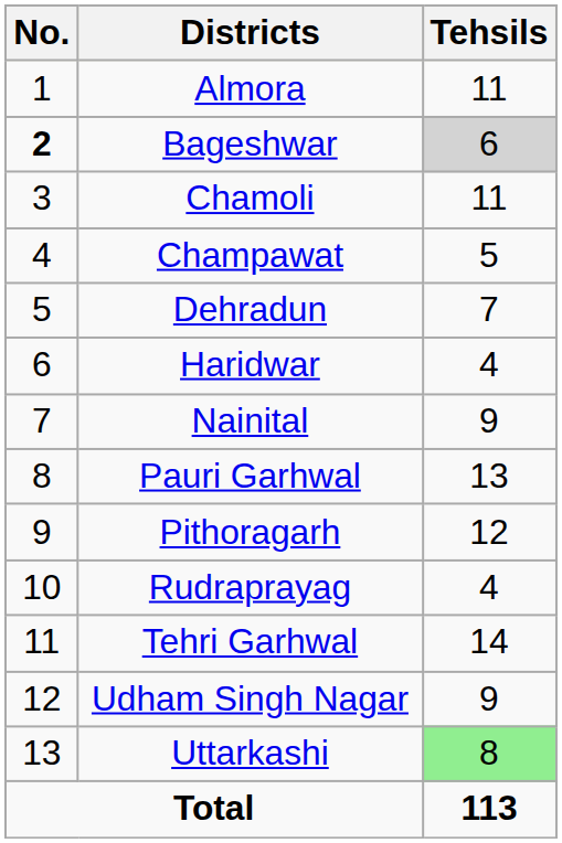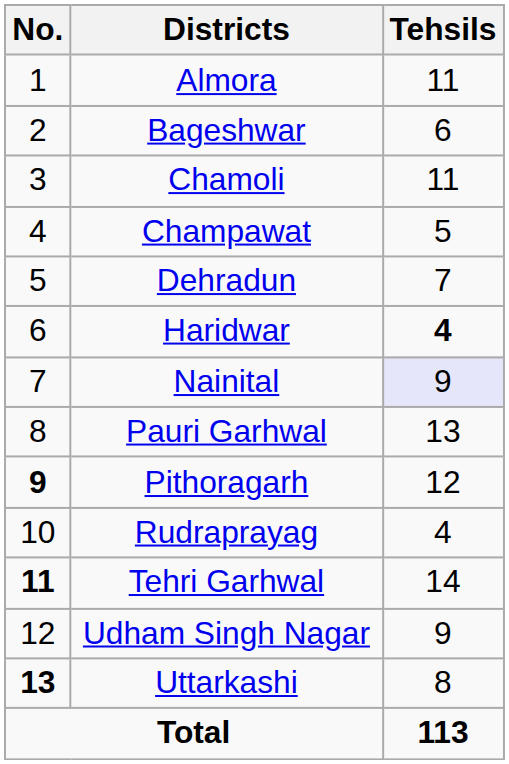 <table class="wikitable sortable" style="text-align:center">
 <tr style="background:#ffffdd; color:#000;">
 <th>No.</th>
 <th align=Centre width=150px>Districts</th>
 <th>Tehsils</th>
 </tr>
 <tr valign=top>
 <td>1</td>
 <td><a href='#'>Almora</a></td>
 <td>11</td>
 </tr>
 <tr valign=top>
-<td><strong>2</strong></td>
+<td>2</td>
 <td><a href='#'>Bageshwar</a></td>
-<td style="background: lightgrey;">6</td>
+<td>6</td>
 </tr>
 <tr valign=top>
 <td>3</td>
 <td><a href='#'>Chamoli</a></td>
 <td>11</td>
 </tr>
 <tr valign=top>
 <td>4</td>
 <td><a href='#'>Champawat</a></td>
 <td>5</td>
 </tr>
 <tr valign=top>
 <td>5</td>
 <td><a href='#'>Dehradun</a></td>
 <td>7</td>
 </tr>
 <tr valign=top>
 <td>6</td>
 <td><a href='#'>Haridwar</a></td>
-<td>4</td>
+<td><strong>4</strong></td>
 </tr>
 <tr valign=top>
 <td>7</td>
 <td><a href='#'>Nainital</a></td>
-<td>9</td>
+<td style="background: lavender;">9</td>
 </tr>
 <tr valign=top>
 <td>8</td>
 <td><a href='#'>Pauri Garhwal</a></td>
 <td>13</td>
 </tr>
 <tr valign=top>
-<td>9</td>
+<td><strong>9</strong></td>
 <td><a href='#'>Pithoragarh</a></td>
 <td>12</td>
 </tr>
 <tr valign=top>
 <td>10</td>
 <td><a href='#'>Rudraprayag</a></td>
 <td>4</td>
 </tr>
 <tr valign=top>
-<td>11</td>
+<td><strong>11</strong></td>
 <td><a href='#'>Tehri Garhwal</a></td>
 <td>14</td>
 </tr>
 <tr valign=top>
 <td>12</td>
 <td><a href='#'>Udham Singh Nagar</a></td>
 <td>9</td>
 </tr>
 <tr valign=top>
-<td>13</td>
+<td><strong>13</strong></td>
 <td><a href='#'>Uttarkashi</a></td>
-<td style="background: lightgreen;">8</td>
+<td>8</td>
 </tr>
 <tr>
 <td colspan="2"><strong>Total</strong></td>
 <td><strong>113</strong></td>
 </tr>
 </table>
